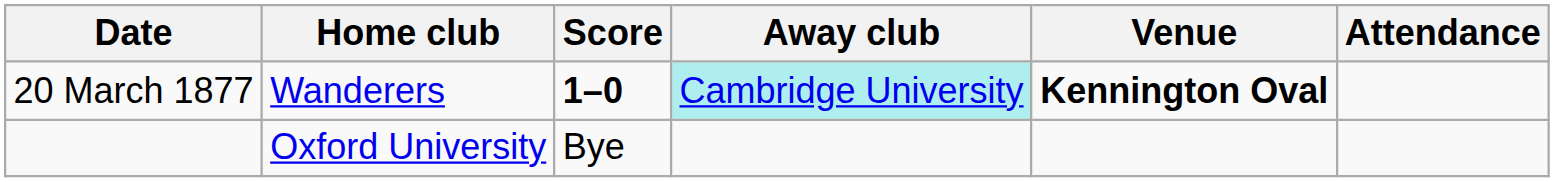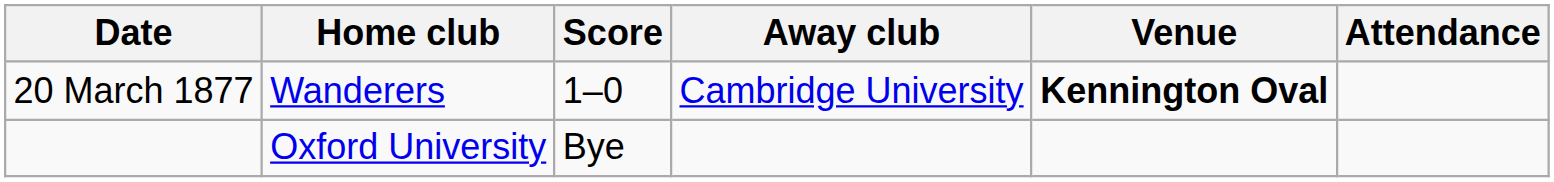 <table class="wikitable">
 <tr>
 <th>Date</th>
 <th>Home club</th>
 <th>Score</th>
 <th>Away club</th>
 <th>Venue</th>
 <th>Attendance</th>
 </tr>
 <tr>
 <td>20 March 1877</td>
 <td><a href='#'>Wanderers</a></td>
-<td><strong>1–0</strong></td>
-<td style="background: paleturquoise;"><a href='#'>Cambridge University</a></td>
+<td>1–0</td>
+<td><a href='#'>Cambridge University</a></td>
 <td><strong>Kennington Oval</strong></td>
 <td></td>
 </tr>
 <tr>
 <td></td>
 <td><a href='#'>Oxford University</a></td>
 <td>Bye</td>
 <td></td>
 <td></td>
 </tr>
 </table>
